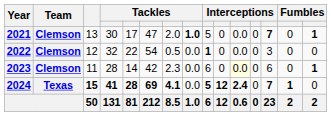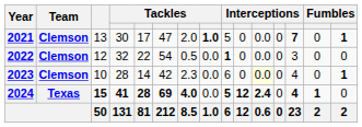 <table class="wikitable sortable" style="text-align:center;">
 <tr>
 <th rowspan="2">Year</th>
 <th rowspan="2">Team</th>
 <th rowspan="2"></th>
 <th colspan="5">Tackles</th>
 <th colspan="5">Interceptions</th>
 <th colspan="2">Fumbles</th>
 </tr>
 <tr>
 <th></th>
 <th></th>
 <th></th>
 <th></th>
 <th></th>
 <th></th>
 <th></th>
 <th></th>
 <th></th>
 <th></th>
 <th></th>
 <th></th>
 </tr>
 <tr>
 <th><a href='#'>2021</a></th>
 <th><a href='#'>Clemson</a></th>
 <td>13</td>
 <td>30</td>
 <td>17</td>
 <td>47</td>
 <td>2.0</td>
 <td><strong>1.0</strong></td>
 <td>5</td>
 <td>0</td>
 <td>0.0</td>
 <td>0</td>
 <td><strong>7</strong></td>
 <td>0</td>
 <td><strong>1</strong></td>
 </tr>
 <tr>
 <th><a href='#'>2022</a></th>
 <th><a href='#'>Clemson</a></th>
 <td>12</td>
 <td>32</td>
 <td>22</td>
 <td>54</td>
 <td>0.5</td>
 <td>0.0</td>
 <td><strong>1</strong></td>
 <td>0</td>
 <td>0.0</td>
 <td>0</td>
 <td>3</td>
 <td>0</td>
 <td>0</td>
 </tr>
 <tr>
 <th><a href='#'>2023</a></th>
 <th><a href='#'>Clemson</a></th>
-<td>11</td>
+<td>10</td>
 <td>28</td>
 <td>14</td>
 <td>42</td>
 <td>2.3</td>
 <td>0.0</td>
 <td>6</td>
 <td>0</td>
 <td style="background: lightyellow;">0.0</td>
 <td>0</td>
-<td>6</td>
+<td>4</td>
 <td>0</td>
 <td><strong>1</strong></td>
 </tr>
 <tr>
 <th><a href='#'>2024</a></th>
 <th><a href='#'>Texas</a></th>
 <td><strong>15</strong></td>
 <td><strong>41</strong></td>
 <td><strong>28</strong></td>
 <td><strong>69</strong></td>
-<td><strong>4.1</strong></td>
+<td><strong>4.0</strong></td>
 <td>0.0</td>
 <td><strong>5</strong></td>
 <td><strong>12</strong></td>
 <td><strong>2.4</strong></td>
 <td>0</td>
-<td><strong>7</strong></td>
+<td><strong>4</strong></td>
 <td><strong>1</strong></td>
 <td>0</td>
 </tr>
 <tr>
 <th colspan="2"></th>
 <th>50</th>
 <th>131</th>
 <th>81</th>
 <th>212</th>
 <th>8.5</th>
 <th>1.0</th>
 <th>6</th>
 <th>12</th>
 <th>0.6</th>
 <th>0</th>
 <th>23</th>
 <th>2</th>
 <th>2</th>
 </tr>
 </table>
